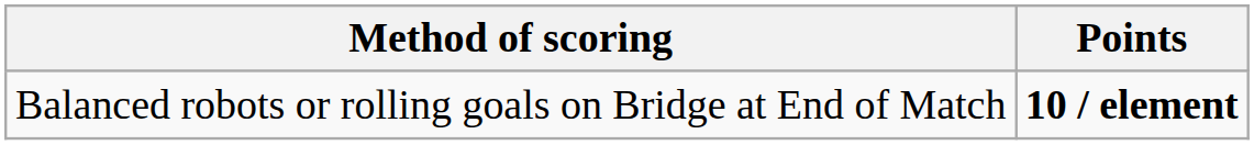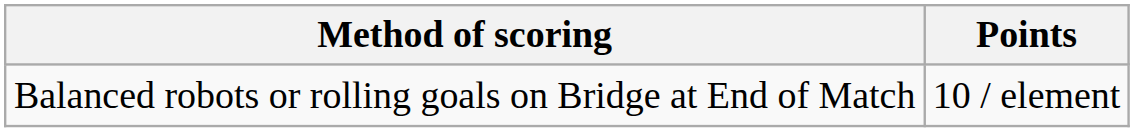 <table class="wikitable">
 <tr>
 <th>Method of scoring</th>
 <th>Points</th>
 </tr>
 <tr>
 <td>Balanced robots or rolling goals on Bridge at End of Match</td>
-<td><strong>10 / element</strong></td>
+<td>10 / element</td>
 </tr>
 </table>
